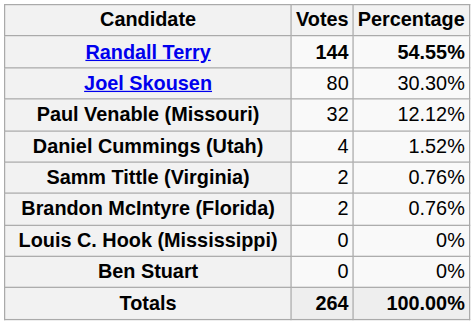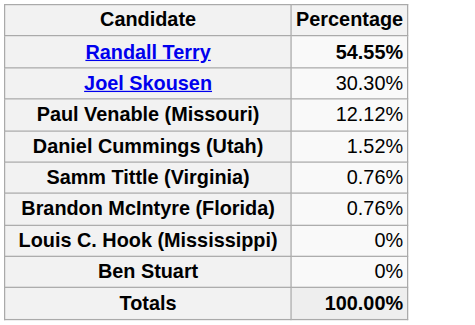 <table class="wikitable plainrowheaders" style="text-align:right;" border="1">
 <tr>
 <th scope="col" style="width:14em;">Candidate</th>
-<th scope="col">Votes</th>
 <th scope="col">Percentage</th>
 </tr>
 <tr>
 <th scope="row"><a href='#'>Randall Terry</a></th>
-<td><strong>144</strong></td>
 <td><strong>54.55%</strong></td>
 </tr>
 <tr>
 <th scope="row"><a href='#'>Joel Skousen</a></th>
-<td>80</td>
 <td>30.30%</td>
 </tr>
 <tr>
 <th scope="row">Paul Venable (Missouri)</th>
-<td>32</td>
 <td>12.12%</td>
 </tr>
 <tr>
 <th scope="row">Daniel Cummings (Utah)</th>
-<td>4</td>
 <td>1.52%</td>
 </tr>
 <tr>
 <th scope="row">Samm Tittle (Virginia)</th>
-<td>2</td>
 <td>0.76%</td>
 </tr>
 <tr>
 <th scope="row">Brandon McIntyre (Florida)</th>
-<td>2</td>
 <td>0.76%</td>
 </tr>
 <tr>
 <th scope="row">Louis C. Hook (Mississippi)</th>
-<td>0</td>
 <td>0%</td>
 </tr>
 <tr>
 <th scope="row">Ben Stuart</th>
-<td>0</td>
 <td>0%</td>
 </tr>
 <tr style="background:#eee;">
 <th scope="row"><strong>Totals</strong></th>
-<td><strong>264</strong></td>
 <td><strong>100.00%</strong></td>
 </tr>
 </table>
